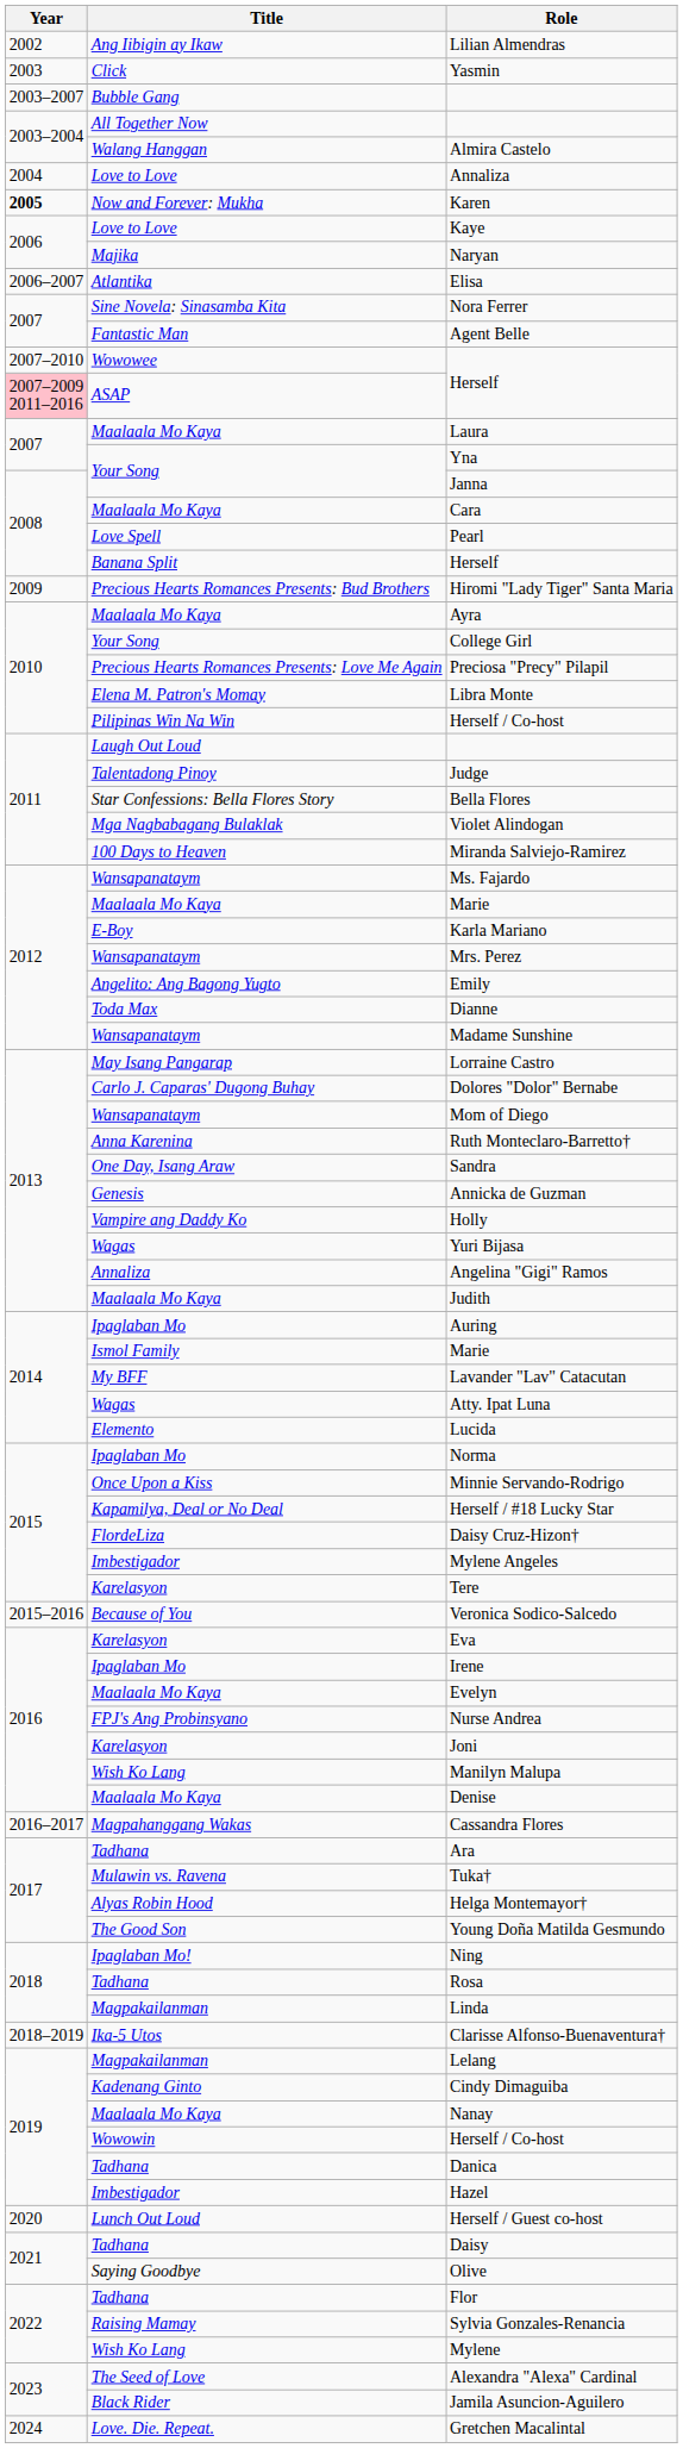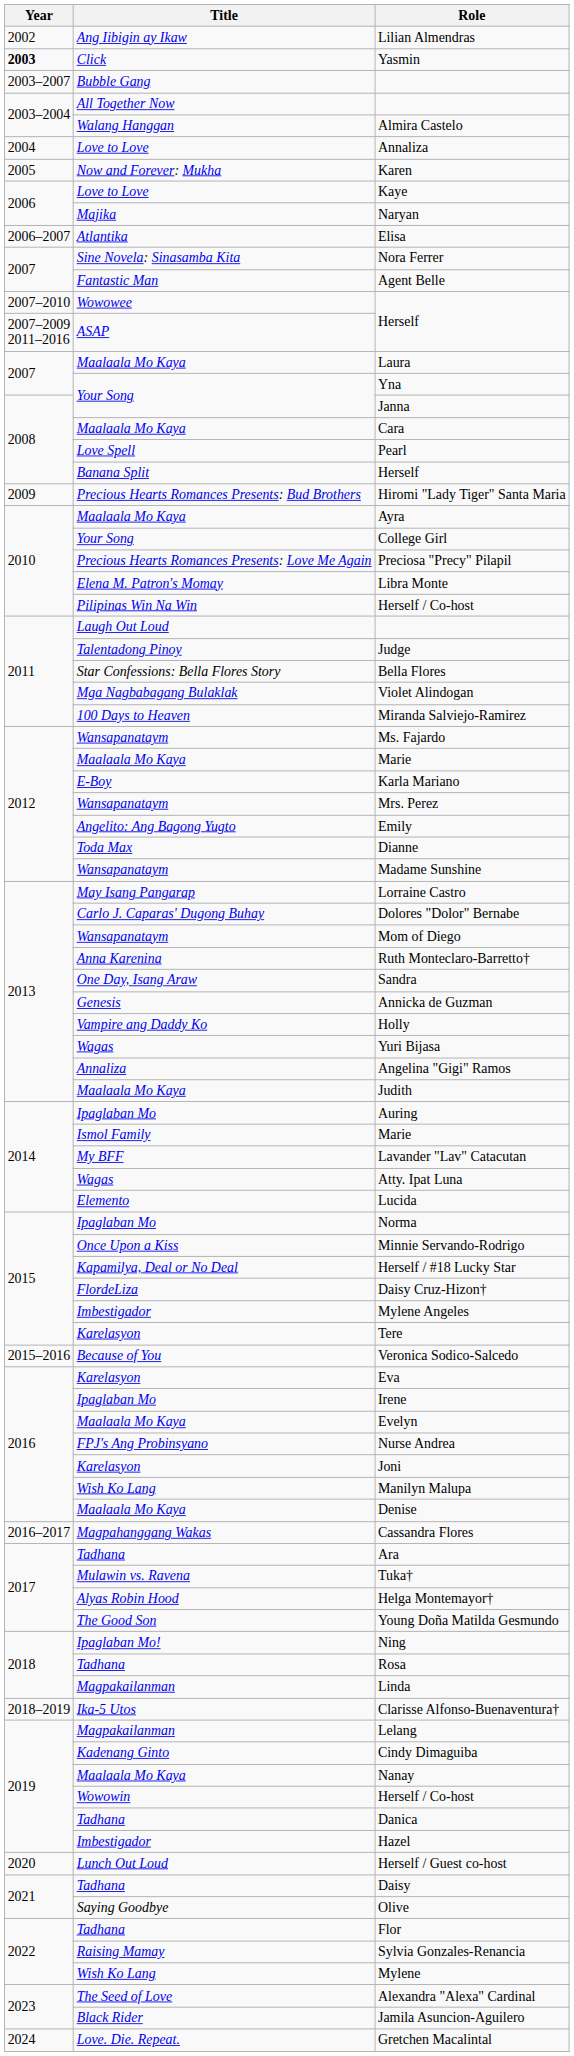 <table class="wikitable sortable" >
 <tr>
 <th>Year</th>
 <th>Title</th>
 <th>Role</th>
 </tr>
 <tr>
 <td>2002</td>
 <td><em><a href='#'>Ang Iibigin ay Ikaw</a></em></td>
 <td>Lilian Almendras</td>
 </tr>
 <tr>
-<td>2003</td>
+<td><strong>2003</strong></td>
 <td><em><a href='#'>Click</a></em></td>
 <td>Yasmin</td>
 </tr>
 <tr>
 <td>2003–2007</td>
 <td><em><a href='#'>Bubble Gang</a></em></td>
 <td></td>
 </tr>
 <tr>
 <td rowspan="2">2003–2004</td>
 <td><em><a href='#'>All Together Now</a></em></td>
 <td></td>
 </tr>
 <tr>
 <td><em><a href='#'>Walang Hanggan</a></em></td>
 <td>Almira Castelo</td>
 </tr>
 <tr>
 <td>2004</td>
 <td><em> <a href='#'>Love to Love</a></em></td>
 <td>Annaliza</td>
 </tr>
 <tr>
-<td><strong>2005</strong></td>
+<td>2005</td>
 <td><em> <a href='#'>Now and Forever</a>: <a href='#'> Mukha</a></em></td>
 <td>Karen</td>
 </tr>
 <tr>
 <td rowspan="2">2006</td>
 <td><em> <a href='#'>Love to Love</a></em></td>
 <td>Kaye</td>
 </tr>
 <tr>
 <td><em><a href='#'>Majika</a></em></td>
 <td>Naryan</td>
 </tr>
 <tr>
 <td>2006–2007</td>
 <td><em><a href='#'>Atlantika</a></em></td>
 <td>Elisa</td>
 </tr>
 <tr>
 <td rowspan="2">2007</td>
 <td><em><a href='#'>Sine Novela</a>: <a href='#'>Sinasamba Kita</a></em></td>
 <td>Nora Ferrer</td>
 </tr>
 <tr>
 <td><em><a href='#'>Fantastic Man</a></em></td>
 <td>Agent Belle</td>
 </tr>
 <tr>
 <td>2007–2010</td>
 <td><em><a href='#'>Wowowee</a></em></td>
 <td rowspan="2">Herself</td>
 </tr>
 <tr>
-<td style="background: pink;">2007–2009 <br> 2011–2016</td>
+<td>2007–2009 <br> 2011–2016</td>
 <td><em><a href='#'>ASAP</a></em></td>
 </tr>
 <tr>
 <td rowspan="2">2007</td>
 <td><em><a href='#'>Maalaala Mo Kaya</a></em></td>
 <td>Laura</td>
 </tr>
 <tr>
 <td rowspan="2"><em><a href='#'>Your Song</a></em></td>
 <td>Yna</td>
 </tr>
 <tr>
 <td rowspan="4">2008</td>
 <td>Janna</td>
 </tr>
 <tr>
 <td><em><a href='#'>Maalaala Mo Kaya</a></em></td>
 <td>Cara</td>
 </tr>
 <tr>
 <td><em><a href='#'>Love Spell</a></em></td>
 <td>Pearl</td>
 </tr>
 <tr>
 <td><em><a href='#'>Banana Split</a></em></td>
 <td>Herself</td>
 </tr>
 <tr>
 <td>2009</td>
 <td><em><a href='#'>Precious Hearts Romances Presents</a>: <a href='#'>Bud Brothers</a></em></td>
 <td>Hiromi "Lady Tiger" Santa Maria</td>
 </tr>
 <tr>
 <td rowspan="5">2010</td>
 <td><em><a href='#'>Maalaala Mo Kaya</a></em></td>
 <td>Ayra</td>
 </tr>
 <tr>
 <td><em><a href='#'>Your Song</a></em></td>
 <td>College Girl</td>
 </tr>
 <tr>
 <td><em><a href='#'>Precious Hearts Romances Presents</a>: <a href='#'>Love Me Again</a></em></td>
 <td>Preciosa "Precy" Pilapil</td>
 </tr>
 <tr>
 <td><em><a href='#'>Elena M. Patron's Momay</a></em></td>
 <td>Libra Monte</td>
 </tr>
 <tr>
 <td><em><a href='#'>Pilipinas Win Na Win</a></em></td>
 <td>Herself / Co-host</td>
 </tr>
 <tr>
 <td rowspan="5">2011</td>
 <td><em><a href='#'>Laugh Out Loud</a></em></td>
 <td></td>
 </tr>
 <tr>
 <td><em><a href='#'>Talentadong Pinoy</a></em></td>
 <td>Judge</td>
 </tr>
 <tr>
 <td><em>Star Confessions: Bella Flores Story</em></td>
 <td>Bella Flores</td>
 </tr>
 <tr>
 <td><em><a href='#'>Mga Nagbabagang Bulaklak</a></em></td>
 <td>Violet Alindogan</td>
 </tr>
 <tr>
 <td><em><a href='#'>100 Days to Heaven</a></em></td>
 <td>Miranda Salviejo-Ramirez</td>
 </tr>
 <tr>
 <td rowspan="7">2012</td>
 <td><em><a href='#'>Wansapanataym</a></em></td>
 <td>Ms. Fajardo</td>
 </tr>
 <tr>
 <td><em><a href='#'>Maalaala Mo Kaya</a></em></td>
 <td>Marie</td>
 </tr>
 <tr>
 <td><em> <a href='#'>E-Boy</a></em></td>
 <td>Karla Mariano</td>
 </tr>
 <tr>
 <td><em><a href='#'>Wansapanataym</a></em></td>
 <td>Mrs. Perez</td>
 </tr>
 <tr>
 <td><em><a href='#'>Angelito: Ang Bagong Yugto</a></em></td>
 <td>Emily</td>
 </tr>
 <tr>
 <td><em><a href='#'>Toda Max</a></em></td>
 <td>Dianne</td>
 </tr>
 <tr>
 <td><em><a href='#'>Wansapanataym</a></em></td>
 <td>Madame Sunshine</td>
 </tr>
 <tr>
 <td rowspan="10">2013</td>
 <td><em><a href='#'>May Isang Pangarap</a></em></td>
 <td>Lorraine Castro</td>
 </tr>
 <tr>
 <td><em><a href='#'>Carlo J. Caparas' Dugong Buhay</a></em></td>
 <td>Dolores "Dolor" Bernabe</td>
 </tr>
 <tr>
 <td><em><a href='#'>Wansapanataym</a></em></td>
 <td>Mom of Diego</td>
 </tr>
 <tr>
 <td><em><a href='#'>Anna Karenina</a></em></td>
 <td>Ruth Monteclaro-Barretto†</td>
 </tr>
 <tr>
 <td><em><a href='#'>One Day, Isang Araw</a></em></td>
 <td>Sandra</td>
 </tr>
 <tr>
 <td><em><a href='#'>Genesis</a></em></td>
 <td>Annicka de Guzman</td>
 </tr>
 <tr>
 <td><em><a href='#'>Vampire ang Daddy Ko</a></em></td>
 <td>Holly</td>
 </tr>
 <tr>
 <td><em><a href='#'>Wagas</a></em></td>
 <td>Yuri Bijasa</td>
 </tr>
 <tr>
 <td><em><a href='#'>Annaliza</a></em></td>
 <td>Angelina "Gigi" Ramos</td>
 </tr>
 <tr>
 <td><em><a href='#'>Maalaala Mo Kaya</a></em></td>
 <td>Judith</td>
 </tr>
 <tr>
 <td rowspan="5">2014</td>
 <td><em><a href='#'>Ipaglaban Mo</a></em></td>
 <td>Auring</td>
 </tr>
 <tr>
 <td><em><a href='#'>Ismol Family</a></em></td>
 <td>Marie</td>
 </tr>
 <tr>
 <td><em><a href='#'>My BFF</a></em></td>
 <td>Lavander "Lav" Catacutan</td>
 </tr>
 <tr>
 <td><em><a href='#'>Wagas</a></em></td>
 <td>Atty. Ipat Luna</td>
 </tr>
 <tr>
 <td><em><a href='#'>Elemento</a></em></td>
 <td>Lucida</td>
 </tr>
 <tr>
 <td rowspan="6">2015</td>
 <td><em><a href='#'>Ipaglaban Mo</a></em></td>
 <td>Norma</td>
 </tr>
 <tr>
 <td><em><a href='#'>Once Upon a Kiss</a></em></td>
 <td>Minnie Servando-Rodrigo</td>
 </tr>
 <tr>
 <td><em><a href='#'>Kapamilya, Deal or No Deal</a></em></td>
 <td>Herself / #18 Lucky Star</td>
 </tr>
 <tr>
 <td><em><a href='#'>FlordeLiza</a></em></td>
 <td>Daisy Cruz-Hizon†</td>
 </tr>
 <tr>
 <td><em><a href='#'>Imbestigador</a></em></td>
 <td>Mylene Angeles</td>
 </tr>
 <tr>
 <td><em><a href='#'>Karelasyon</a></em></td>
 <td>Tere</td>
 </tr>
 <tr>
 <td>2015–2016</td>
 <td><em><a href='#'>Because of You</a></em></td>
 <td>Veronica Sodico-Salcedo</td>
 </tr>
 <tr>
 <td rowspan="7">2016</td>
 <td><em><a href='#'>Karelasyon</a></em></td>
 <td>Eva</td>
 </tr>
 <tr>
 <td><em><a href='#'>Ipaglaban Mo</a></em></td>
 <td>Irene</td>
 </tr>
 <tr>
 <td><em><a href='#'>Maalaala Mo Kaya</a></em></td>
 <td>Evelyn</td>
 </tr>
 <tr>
 <td><em><a href='#'>FPJ's Ang Probinsyano</a></em></td>
 <td>Nurse Andrea</td>
 </tr>
 <tr>
 <td><em><a href='#'>Karelasyon</a></em></td>
 <td>Joni</td>
 </tr>
 <tr>
 <td><em><a href='#'>Wish Ko Lang</a></em></td>
 <td>Manilyn Malupa</td>
 </tr>
 <tr>
 <td><em><a href='#'>Maalaala Mo Kaya</a></em></td>
 <td>Denise</td>
 </tr>
 <tr>
 <td>2016–2017</td>
 <td><em><a href='#'>Magpahanggang Wakas</a></em></td>
 <td>Cassandra Flores</td>
 </tr>
 <tr>
 <td rowspan="4">2017</td>
 <td><em><a href='#'>Tadhana</a></em></td>
 <td>Ara</td>
 </tr>
 <tr>
 <td><em><a href='#'>Mulawin vs. Ravena</a></em></td>
 <td>Tuka†</td>
 </tr>
 <tr>
 <td><em><a href='#'>Alyas Robin Hood</a></em></td>
 <td>Helga Montemayor†</td>
 </tr>
 <tr>
 <td><em><a href='#'>The Good Son</a></em></td>
 <td>Young Doña Matilda Gesmundo</td>
 </tr>
 <tr>
 <td rowspan="3">2018</td>
 <td><em><a href='#'>Ipaglaban Mo!</a></em></td>
 <td>Ning</td>
 </tr>
 <tr>
 <td><em><a href='#'>Tadhana</a></em></td>
 <td>Rosa</td>
 </tr>
 <tr>
 <td><em><a href='#'>Magpakailanman</a></em></td>
 <td>Linda</td>
 </tr>
 <tr>
 <td>2018–2019</td>
 <td><em><a href='#'>Ika-5 Utos</a></em></td>
 <td>Clarisse Alfonso-Buenaventura†</td>
 </tr>
 <tr>
 <td rowspan="6">2019</td>
 <td><em><a href='#'>Magpakailanman</a></em></td>
 <td>Lelang</td>
 </tr>
 <tr>
 <td><em><a href='#'>Kadenang Ginto</a></em></td>
 <td>Cindy Dimaguiba</td>
 </tr>
 <tr>
 <td><em><a href='#'>Maalaala Mo Kaya</a></em></td>
 <td>Nanay</td>
 </tr>
 <tr>
 <td><em><a href='#'>Wowowin</a></em></td>
 <td>Herself / Co-host</td>
 </tr>
 <tr>
 <td><em><a href='#'>Tadhana</a></em></td>
 <td>Danica</td>
 </tr>
 <tr>
 <td><em><a href='#'>Imbestigador</a></em></td>
 <td>Hazel</td>
 </tr>
 <tr>
 <td>2020</td>
 <td><em><a href='#'>Lunch Out Loud</a></em></td>
 <td>Herself / Guest co-host</td>
 </tr>
 <tr>
 <td rowspan="2">2021</td>
 <td><em><a href='#'>Tadhana</a></em></td>
 <td>Daisy</td>
 </tr>
 <tr>
 <td><em>Saying Goodbye</em></td>
 <td>Olive</td>
 </tr>
 <tr>
 <td rowspan="3">2022</td>
 <td><em><a href='#'>Tadhana</a></em></td>
 <td>Flor</td>
 </tr>
 <tr>
 <td><em><a href='#'>Raising Mamay</a></em></td>
 <td>Sylvia Gonzales-Renancia</td>
 </tr>
 <tr>
 <td><em><a href='#'>Wish Ko Lang</a></em></td>
 <td>Mylene</td>
 </tr>
 <tr>
 <td rowspan="2">2023</td>
 <td><em><a href='#'>The Seed of Love</a></em></td>
 <td>Alexandra "Alexa" Cardinal</td>
 </tr>
 <tr>
 <td><em><a href='#'>Black Rider</a></em></td>
 <td>Jamila Asuncion-Aguilero</td>
 </tr>
 <tr>
 <td>2024</td>
 <td><em><a href='#'>Love. Die. Repeat.</a></em></td>
 <td>Gretchen Macalintal</td>
 </tr>
 </table>
